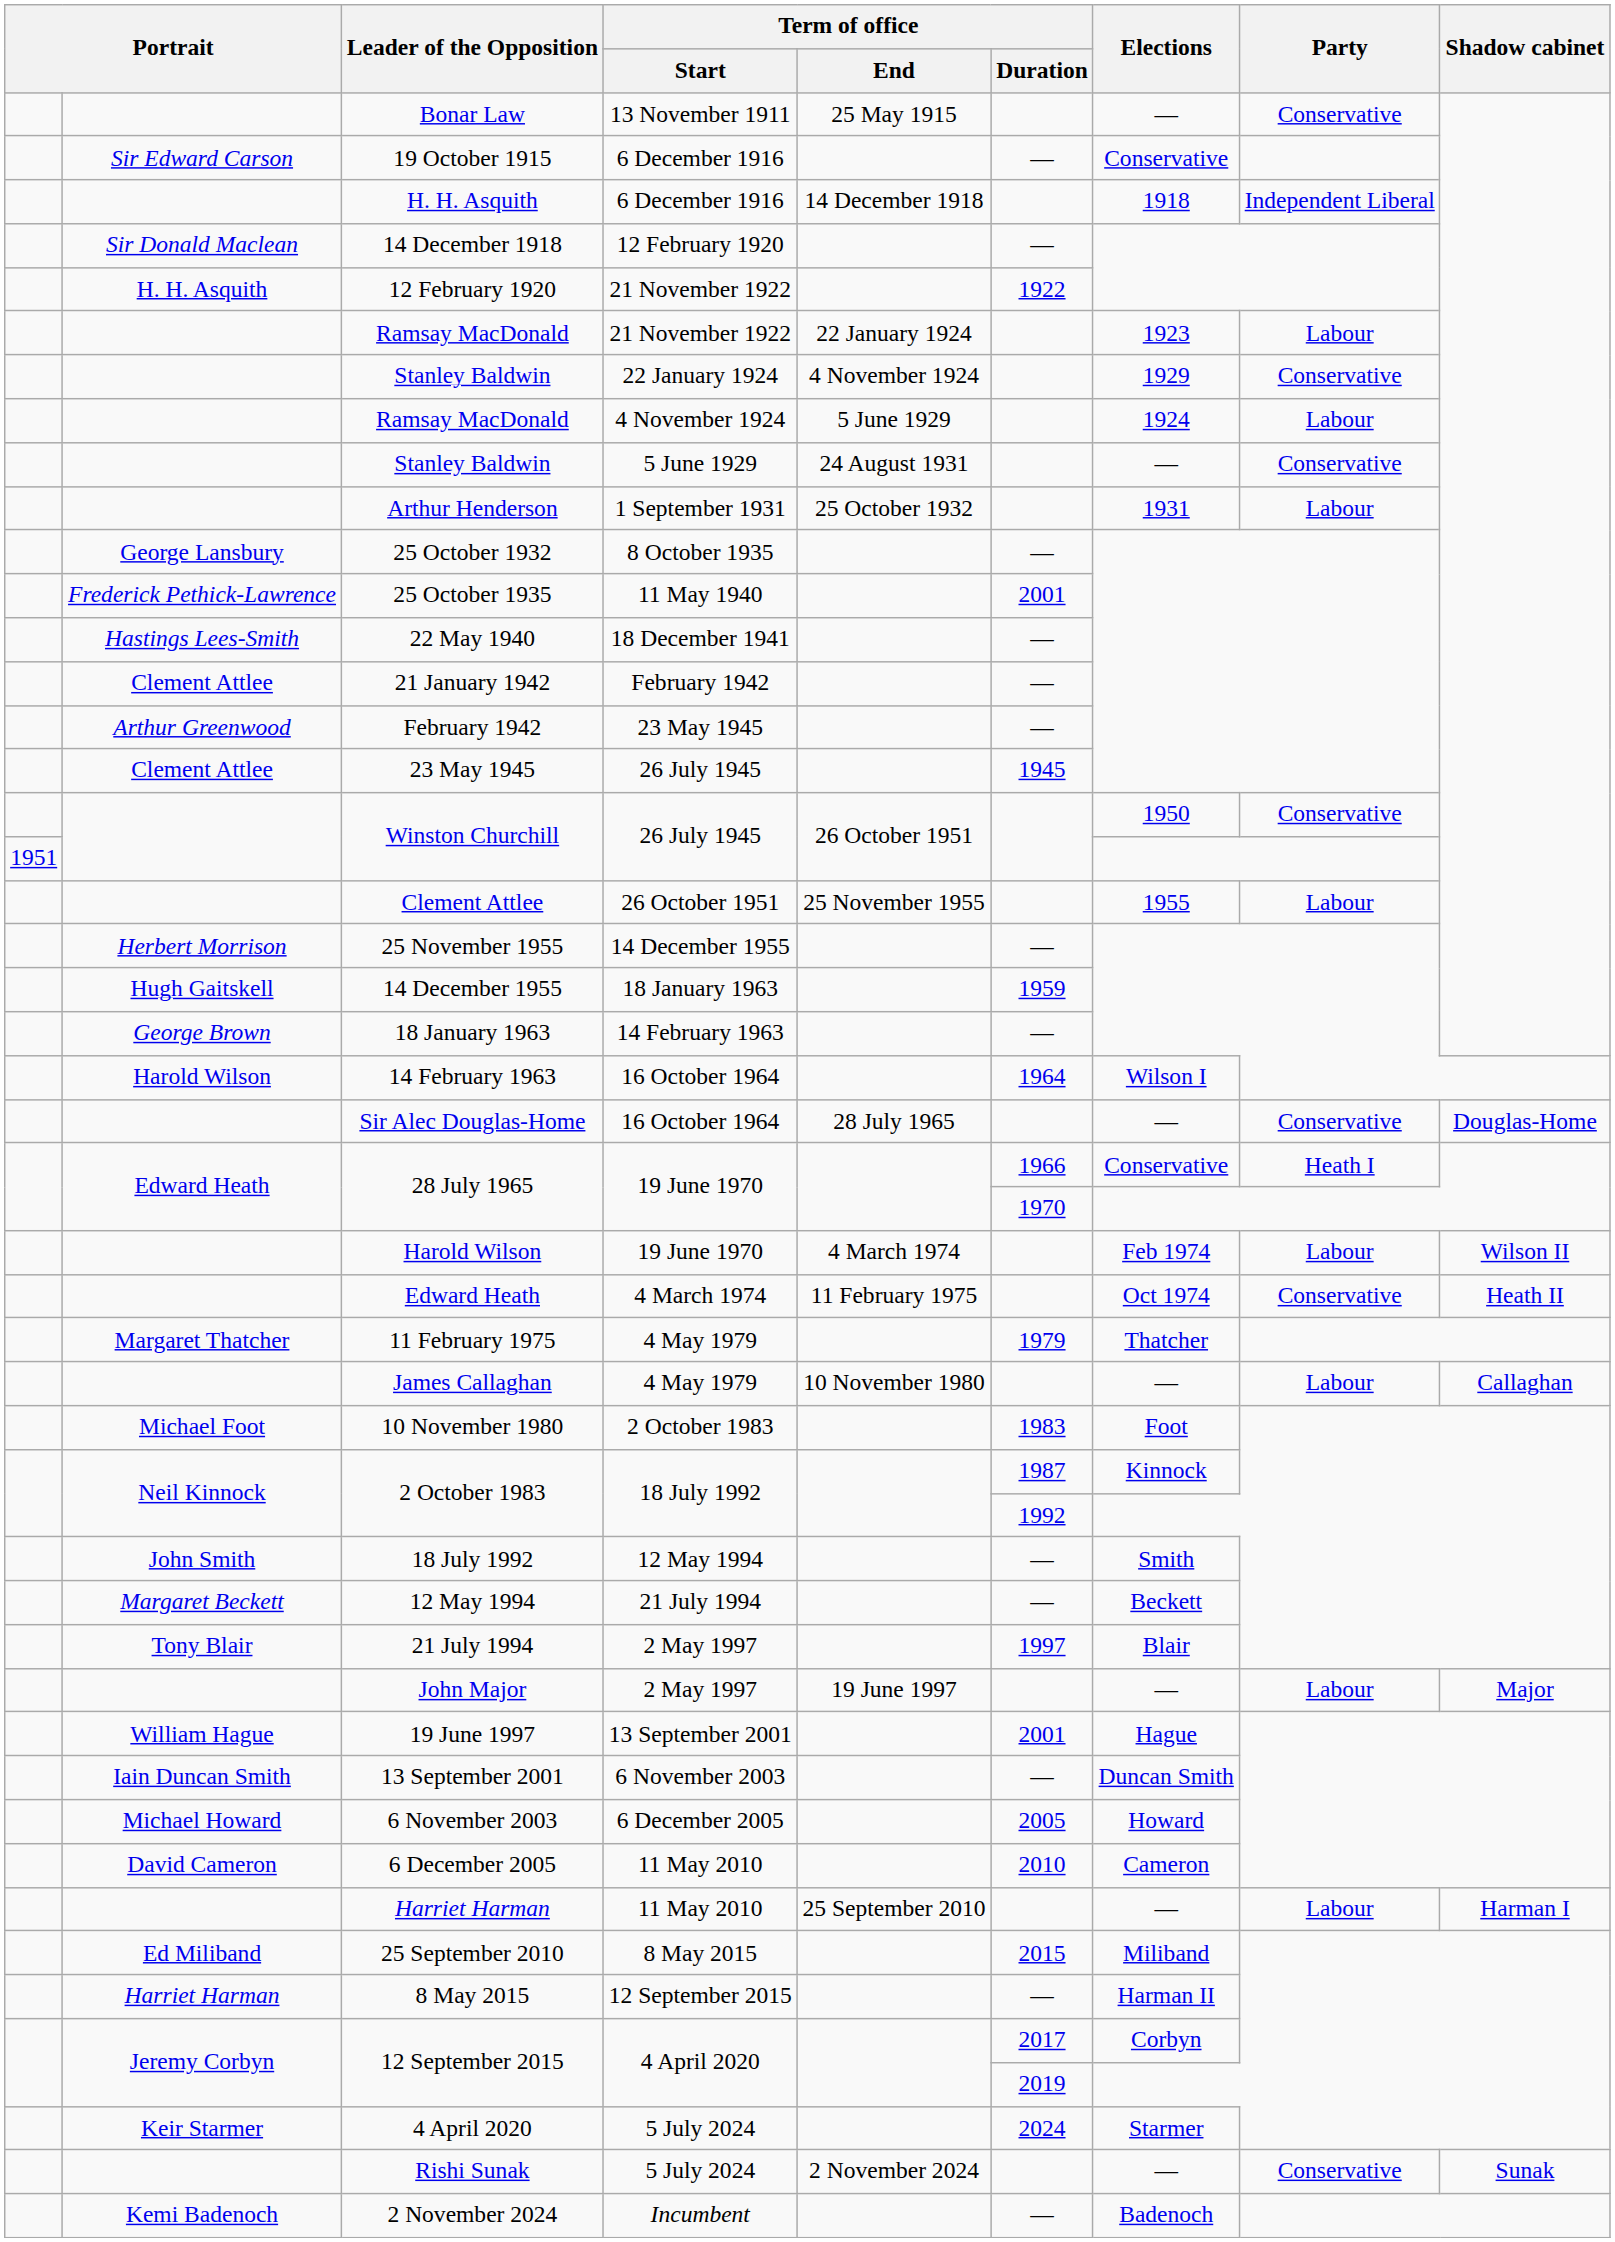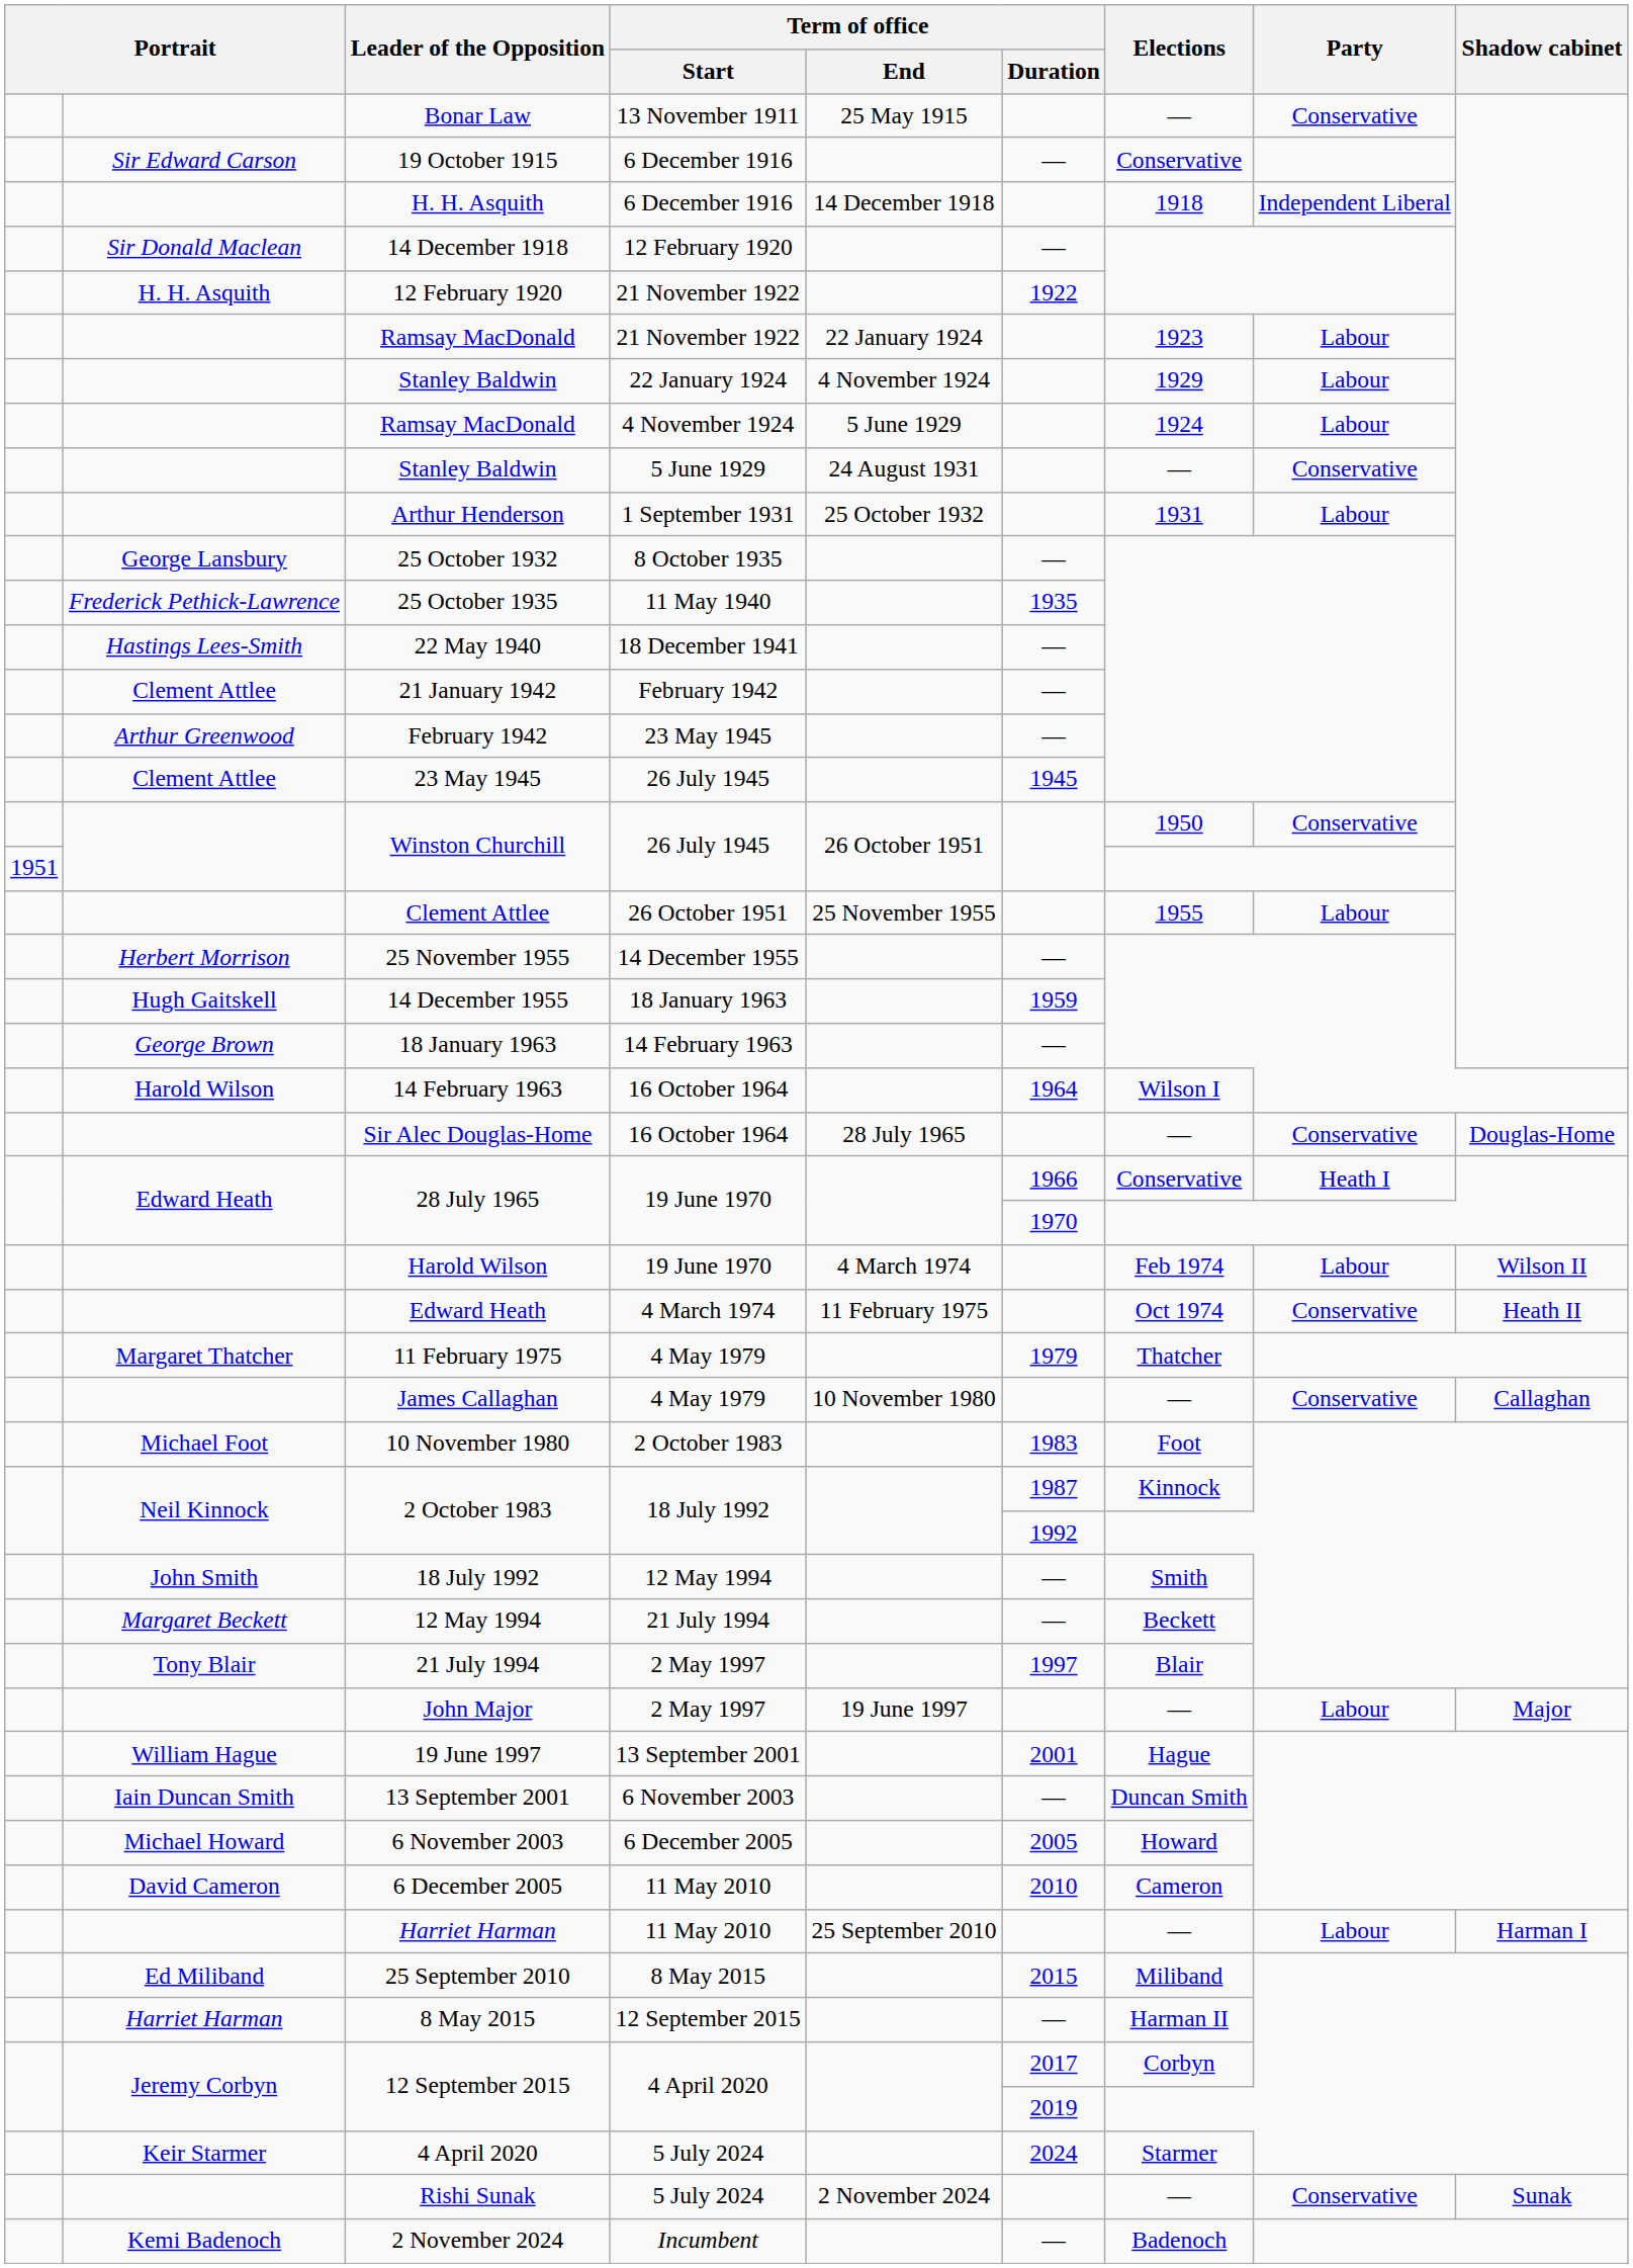 <table class="wikitable sortable mw-collapsible sticky-header-multi" style="line-height:1.4em; text-align:center;">
 <tr>
 <th rowspan=2 colspan="2" class=unsortable>Portrait</th>
 <th rowspan=2 class=unsortable>Leader of the Opposition</th>
 <th colspan=3 scope="colgroup">Term of office</th>
 <th rowspan=2>Elections</th>
 <th rowspan=2>Party</th>
 <th rowspan=2>Shadow cabinet</th>
 </tr>
 <tr>
 <th>Start</th>
 <th>End</th>
 <th>Duration</th>
 </tr>
 <tr>
 <td style="background-color: "></td>
 <td></td>
 <td><a href='#'>Bonar Law</a></td>
 <td>13 November 1911</td>
 <td>25 May 1915</td>
 <td></td>
 <td>—</td>
 <td><a href='#'>Conservative</a></td>
 <td rowspan="22"></td>
 </tr>
 <tr>
 <td></td>
 <td><em><a href='#'>Sir Edward Carson</a></em></td>
 <td>19 October 1915</td>
 <td>6 December 1916</td>
 <td></td>
 <td>—</td>
 <td><a href='#'>Conservative</a></td>
 </tr>
 <tr>
 <td style="background-color: "></td>
 <td></td>
 <td><a href='#'>H. H. Asquith</a></td>
 <td>6 December 1916</td>
 <td>14 December 1918</td>
 <td></td>
 <td><a href='#'>1918</a></td>
 <td><a href='#'>Independent Liberal</a></td>
 </tr>
 <tr>
 <td></td>
 <td><em><a href='#'>Sir Donald Maclean</a></em></td>
 <td>14 December 1918</td>
 <td>12 February 1920</td>
 <td></td>
 <td>—</td>
 </tr>
 <tr>
 <td></td>
 <td><a href='#'>H. H. Asquith</a></td>
 <td>12 February 1920</td>
 <td>21 November 1922</td>
 <td></td>
 <td><a href='#'>1922</a></td>
 </tr>
 <tr>
 <td style="background-color: "></td>
 <td></td>
 <td><a href='#'>Ramsay MacDonald</a></td>
 <td>21 November 1922</td>
 <td>22 January 1924</td>
 <td></td>
 <td><a href='#'>1923</a></td>
 <td><a href='#'>Labour</a></td>
 </tr>
 <tr>
 <td style="background-color: "></td>
 <td></td>
 <td><a href='#'>Stanley Baldwin</a></td>
 <td>22 January 1924</td>
 <td>4 November 1924</td>
 <td></td>
 <td><a href='#'>1929</a></td>
-<td><a href='#'>Conservative</a></td>
+<td><a href='#'>Labour</a></td>
 </tr>
 <tr>
 <td style="background-color: "></td>
 <td></td>
 <td><a href='#'>Ramsay MacDonald</a></td>
 <td>4 November 1924</td>
 <td>5 June 1929</td>
 <td></td>
 <td><a href='#'>1924</a></td>
 <td><a href='#'>Labour</a></td>
 </tr>
 <tr>
 <td style="background-color: "></td>
 <td></td>
 <td><a href='#'>Stanley Baldwin</a></td>
 <td>5 June 1929</td>
 <td>24 August 1931</td>
 <td></td>
 <td>—</td>
 <td><a href='#'>Conservative</a></td>
 </tr>
 <tr>
 <td style="background-color: "></td>
 <td></td>
 <td><a href='#'>Arthur Henderson</a></td>
 <td>1 September 1931</td>
 <td>25 October 1932</td>
 <td></td>
 <td><a href='#'>1931</a></td>
 <td><a href='#'>Labour</a></td>
 </tr>
 <tr>
 <td></td>
 <td><a href='#'>George Lansbury</a></td>
 <td>25 October 1932</td>
 <td>8 October 1935</td>
 <td></td>
 <td>—</td>
 </tr>
 <tr>
 <td></td>
 <td><em><a href='#'>Frederick Pethick-Lawrence</a></em></td>
 <td>25 October 1935</td>
 <td>11 May 1940</td>
 <td></td>
-<td><a href='#'>2001</a></td>
+<td><a href='#'>1935</a></td>
 </tr>
 <tr>
 <td></td>
 <td><em><a href='#'>Hastings Lees-Smith</a></em></td>
 <td>22 May 1940</td>
 <td>18 December 1941</td>
 <td></td>
 <td>—</td>
 </tr>
 <tr>
 <td></td>
 <td><a href='#'>Clement Attlee</a></td>
 <td>21 January 1942</td>
 <td>February 1942</td>
 <td></td>
 <td>—</td>
 </tr>
 <tr>
 <td></td>
 <td><em><a href='#'>Arthur Greenwood</a></em></td>
 <td>February 1942</td>
 <td>23 May 1945</td>
 <td></td>
 <td>—</td>
 </tr>
 <tr>
 <td></td>
 <td><a href='#'>Clement Attlee</a></td>
 <td>23 May 1945</td>
 <td>26 July 1945</td>
 <td></td>
 <td><a href='#'>1945</a></td>
 </tr>
 <tr>
 <td style="background-color: "></td>
 <td rowspan="2"></td>
 <td rowspan="2"><a href='#'>Winston Churchill</a></td>
 <td rowspan="2">26 July 1945</td>
 <td rowspan="2">26 October 1951</td>
 <td rowspan="2"></td>
 <td><a href='#'>1950</a></td>
 <td><a href='#'>Conservative</a></td>
 </tr>
 <tr>
 <td><a href='#'>1951</a></td>
 </tr>
 <tr>
 <td style="background-color: "></td>
 <td></td>
 <td><a href='#'>Clement Attlee</a></td>
 <td>26 October 1951</td>
 <td>25 November 1955</td>
 <td></td>
 <td><a href='#'>1955</a></td>
 <td><a href='#'>Labour</a></td>
 </tr>
 <tr>
 <td></td>
 <td><em><a href='#'>Herbert Morrison</a></em></td>
 <td>25 November 1955</td>
 <td>14 December 1955</td>
 <td></td>
 <td>—</td>
 </tr>
 <tr>
 <td></td>
 <td><a href='#'>Hugh Gaitskell</a></td>
 <td>14 December 1955</td>
 <td>18 January 1963</td>
 <td></td>
 <td><a href='#'>1959</a></td>
 </tr>
 <tr>
 <td></td>
 <td><em><a href='#'>George Brown</a></em></td>
 <td>18 January 1963</td>
 <td>14 February 1963</td>
 <td></td>
 <td>—</td>
 </tr>
 <tr>
 <td></td>
 <td><a href='#'>Harold Wilson</a></td>
 <td>14 February 1963</td>
 <td>16 October 1964</td>
 <td></td>
 <td><a href='#'>1964</a></td>
 <td><a href='#'>Wilson I</a></td>
 </tr>
 <tr>
 <td style="background-color: "></td>
 <td></td>
 <td><a href='#'>Sir Alec Douglas-Home</a></td>
 <td>16 October 1964</td>
 <td>28 July 1965</td>
 <td></td>
 <td>—</td>
 <td><a href='#'>Conservative</a></td>
 <td><a href='#'>Douglas-Home</a></td>
 </tr>
 <tr>
 <td rowspan="2"></td>
 <td rowspan="2"><a href='#'>Edward Heath</a></td>
 <td rowspan="2">28 July 1965</td>
 <td rowspan="2">19 June 1970</td>
 <td rowspan="2"></td>
 <td><a href='#'>1966</a></td>
 <td><a href='#'>Conservative</a></td>
 <td><a href='#'>Heath I</a></td>
 </tr>
 <tr>
 <td><a href='#'>1970</a></td>
 </tr>
 <tr>
 <td style="background-color: "></td>
 <td></td>
 <td><a href='#'>Harold Wilson</a></td>
 <td>19 June 1970</td>
 <td>4 March 1974</td>
 <td></td>
 <td><a href='#'>Feb 1974</a></td>
 <td><a href='#'>Labour</a></td>
 <td><a href='#'>Wilson II</a></td>
 </tr>
 <tr>
 <td style="background-color: "></td>
 <td></td>
 <td><a href='#'>Edward Heath</a></td>
 <td>4 March 1974</td>
 <td>11 February 1975</td>
 <td></td>
 <td><a href='#'>Oct 1974</a></td>
 <td><a href='#'>Conservative</a></td>
 <td><a href='#'>Heath II</a></td>
 </tr>
 <tr>
 <td></td>
 <td><a href='#'>Margaret Thatcher</a></td>
 <td>11 February 1975</td>
 <td>4 May 1979</td>
 <td></td>
 <td><a href='#'>1979</a></td>
 <td><a href='#'>Thatcher</a></td>
 </tr>
 <tr>
 <td style="background-color: "></td>
 <td></td>
 <td><a href='#'>James Callaghan</a></td>
 <td>4 May 1979</td>
 <td>10 November 1980</td>
 <td></td>
 <td>—</td>
-<td><a href='#'>Labour</a></td>
+<td><a href='#'>Conservative</a></td>
 <td><a href='#'>Callaghan</a></td>
 </tr>
 <tr>
 <td></td>
 <td><a href='#'>Michael Foot</a></td>
 <td>10 November 1980</td>
 <td>2 October 1983</td>
 <td></td>
 <td><a href='#'>1983</a></td>
 <td><a href='#'>Foot</a></td>
 </tr>
 <tr>
 <td rowspan="2"></td>
 <td rowspan="2"><a href='#'>Neil Kinnock</a></td>
 <td rowspan="2">2 October 1983</td>
 <td rowspan="2">18 July 1992</td>
 <td rowspan="2"></td>
 <td><a href='#'>1987</a></td>
 <td><a href='#'>Kinnock</a></td>
 </tr>
 <tr>
 <td><a href='#'>1992</a></td>
 </tr>
 <tr>
 <td></td>
 <td><a href='#'>John Smith</a></td>
 <td>18 July 1992</td>
 <td>12 May 1994</td>
 <td></td>
 <td>—</td>
 <td><a href='#'>Smith</a></td>
 </tr>
 <tr>
 <td></td>
 <td><em><a href='#'>Margaret Beckett</a></em></td>
 <td>12 May 1994</td>
 <td>21 July 1994</td>
 <td></td>
 <td>—</td>
 <td><a href='#'>Beckett</a></td>
 </tr>
 <tr>
 <td></td>
 <td><a href='#'>Tony Blair</a></td>
 <td>21 July 1994</td>
 <td>2 May 1997</td>
 <td></td>
 <td><a href='#'>1997</a></td>
 <td><a href='#'>Blair</a></td>
 </tr>
 <tr>
 <td style="background-color: "></td>
 <td></td>
 <td><a href='#'>John Major</a></td>
 <td>2 May 1997</td>
 <td>19 June 1997</td>
 <td></td>
 <td>—</td>
 <td><a href='#'>Labour</a></td>
 <td><a href='#'>Major</a></td>
 </tr>
 <tr>
 <td></td>
 <td><a href='#'>William Hague</a></td>
 <td>19 June 1997</td>
 <td>13 September 2001</td>
 <td></td>
 <td><a href='#'>2001</a></td>
 <td><a href='#'>Hague</a></td>
 </tr>
 <tr>
 <td></td>
 <td><a href='#'>Iain Duncan Smith</a></td>
 <td>13 September 2001</td>
 <td>6 November 2003</td>
 <td></td>
 <td>—</td>
 <td><a href='#'>Duncan Smith</a></td>
 </tr>
 <tr>
 <td></td>
 <td><a href='#'>Michael Howard</a></td>
 <td>6 November 2003</td>
 <td>6 December 2005</td>
 <td></td>
 <td><a href='#'>2005</a></td>
 <td><a href='#'>Howard</a></td>
 </tr>
 <tr>
 <td></td>
 <td><a href='#'>David Cameron</a></td>
 <td>6 December 2005</td>
 <td>11 May 2010</td>
 <td></td>
 <td><a href='#'>2010</a></td>
 <td><a href='#'>Cameron</a></td>
 </tr>
 <tr>
 <td style="background-color: "></td>
 <td></td>
 <td><em><a href='#'>Harriet Harman</a></em></td>
 <td>11 May 2010</td>
 <td>25 September 2010</td>
 <td></td>
 <td>—</td>
 <td><a href='#'>Labour</a></td>
 <td><a href='#'>Harman I</a></td>
 </tr>
 <tr>
 <td></td>
 <td><a href='#'>Ed Miliband</a></td>
 <td>25 September 2010</td>
 <td>8 May 2015</td>
 <td></td>
 <td><a href='#'>2015</a></td>
 <td><a href='#'>Miliband</a></td>
 </tr>
 <tr>
 <td></td>
 <td><em><a href='#'>Harriet Harman</a></em></td>
 <td>8 May 2015</td>
 <td>12 September 2015</td>
 <td></td>
 <td>—</td>
 <td><a href='#'>Harman II</a></td>
 </tr>
 <tr>
 <td rowspan="2"></td>
 <td rowspan="2"><a href='#'>Jeremy Corbyn</a></td>
 <td rowspan="2">12 September 2015</td>
 <td rowspan="2">4 April 2020</td>
 <td rowspan="2"></td>
 <td><a href='#'>2017</a></td>
 <td><a href='#'>Corbyn</a></td>
 </tr>
 <tr>
 <td><a href='#'>2019</a></td>
 </tr>
 <tr>
 <td></td>
 <td><a href='#'>Keir Starmer</a></td>
 <td>4 April 2020</td>
 <td>5 July 2024</td>
 <td></td>
 <td><a href='#'>2024</a></td>
 <td><a href='#'>Starmer</a></td>
 </tr>
 <tr>
 <td style="background-color: "></td>
 <td></td>
 <td><a href='#'>Rishi Sunak</a></td>
 <td>5 July 2024</td>
 <td>2 November 2024</td>
 <td></td>
 <td>—</td>
 <td><a href='#'>Conservative</a></td>
 <td><a href='#'>Sunak</a></td>
 </tr>
 <tr>
 <td></td>
 <td><a href='#'>Kemi Badenoch</a></td>
 <td>2 November 2024</td>
 <td><em>Incumbent</em></td>
 <td></td>
 <td>—</td>
 <td><a href='#'>Badenoch</a></td>
 </tr>
 </table>
